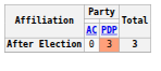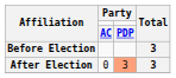 <table class="wikitable" style="text-align:center">
 <tr>
 <th rowspan="3">Affiliation</th>
 <th colspan="2">Party</th>
 <th rowspan="3">Total</th>
 </tr>
 <tr>
 <td style="background-color:"></td>
 <td style="background-color:"></td>
 </tr>
 <tr>
 <th><a href='#'>AC</a></th>
 <th><a href='#'>PDP</a></th>
 </tr>
 <tr>
+<th>Before Election</th>
+<td></td>
+<td></td>
+<th>3</th>
+</tr>
+<tr>
 <th>After Election</th>
 <td>0</td>
 <td style="background: lightsalmon;">3</td>
 <th>3</th>
 </tr>
 <tr>
 </tr>
 </table>
